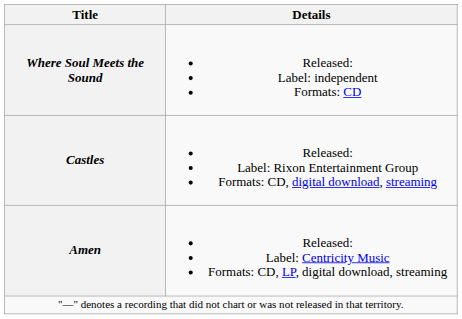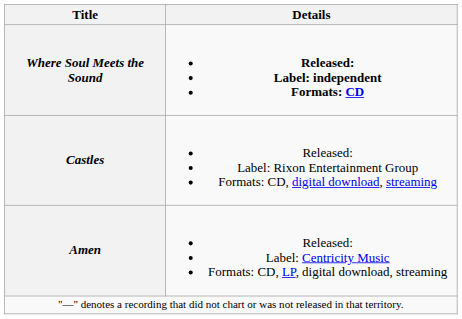 <table class="wikitable plainrowheaders" style="text-align:center;">
 <tr>
 <th scope="col" style="width:12em;">Title</th>
 <th scope="col" style="width:22em;">Details</th>
 </tr>
 <tr>
 <th scope="row"><em>Where Soul Meets the Sound</em></th>
-<td><br><ul><li>Released: </li><li>Label: independent</li><li>Formats: <a href='#'>CD</a></li></ul></td>
+<td><strong><br><ul><li>Released: </li><li>Label: independent</li><li>Formats: <a href='#'>CD</a></li></ul></strong></td>
 </tr>
 <tr>
 <th scope="row"><em>Castles</em></th>
 <td><br><ul><li>Released: </li><li>Label: Rixon Entertainment Group</li><li>Formats: CD, <a href='#'>digital download</a>, <a href='#'>streaming</a></li></ul></td>
 </tr>
 <tr>
 <th scope="row"><em>Amen</em></th>
 <td><br><ul><li>Released: </li><li>Label: <a href='#'>Centricity Music</a></li><li>Formats: CD, <a href='#'>LP</a>, digital download, streaming</li></ul></td>
 </tr>
 <tr>
 <td colspan="11" style="font-size:85%">"—" denotes a recording that did not chart or was not released in that territory.</td>
 </tr>
 </table>
